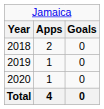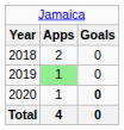 <table class="wikitable" style="text-align:center">
 <tr>
 <td colspan="3"><a href='#'>Jamaica</a></td>
 </tr>
 <tr>
 <th>Year</th>
 <th>Apps</th>
 <th>Goals</th>
 </tr>
 <tr>
 <td>2018</td>
 <td>2</td>
 <td>0</td>
 </tr>
 <tr>
 <td>2019</td>
-<td>1</td>
+<td style="background: lightgreen;">1</td>
 <td>0</td>
 </tr>
 <tr>
 <td>2020</td>
 <td>1</td>
-<td>0</td>
+<td><strong>0</strong></td>
 </tr>
 <tr>
 <th>Total</th>
 <th>4</th>
 <th>0</th>
 </tr>
 </table>
